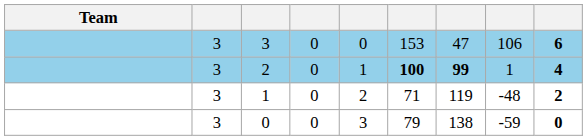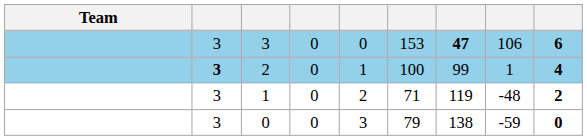 <table class=wikitable style="text-align:center">
 <tr>
 <th width=175>Team</th>
 <th width=40></th>
 <th width=40></th>
 <th width=40></th>
 <th width=40></th>
 <th width=40></th>
 <th width=40></th>
 <th width=40></th>
 <th width=40></th>
 </tr>
 <tr style="background:#93d0ea">
 <td align=left></td>
 <td>3</td>
 <td>3</td>
 <td>0</td>
 <td>0</td>
 <td>153</td>
-<td>47</td>
+<td><strong>47</strong></td>
 <td>106</td>
 <td><strong>6</strong></td>
 </tr>
 <tr style="background:#93d0ea">
 <td align=left></td>
-<td>3</td>
+<td><strong>3</strong></td>
 <td>2</td>
 <td>0</td>
 <td>1</td>
-<td><strong>100</strong></td>
-<td><strong>99</strong></td>
+<td>100</td>
+<td>99</td>
 <td>1</td>
 <td><strong>4</strong></td>
 </tr>
 <tr style="background:white;">
 <td align=left></td>
 <td>3</td>
 <td>1</td>
 <td>0</td>
 <td>2</td>
 <td>71</td>
 <td>119</td>
 <td>-48</td>
 <td><strong>2</strong></td>
 </tr>
 <tr style="background:white;">
 <td align=left></td>
 <td>3</td>
 <td>0</td>
 <td>0</td>
 <td>3</td>
 <td>79</td>
 <td>138</td>
 <td>-59</td>
 <td><strong>0</strong></td>
 </tr>
 </table>
